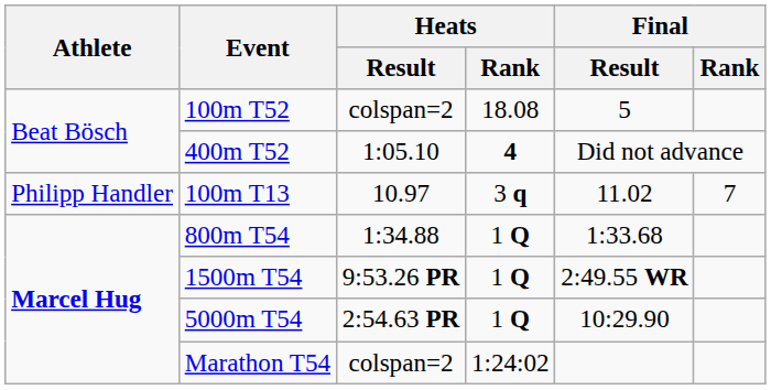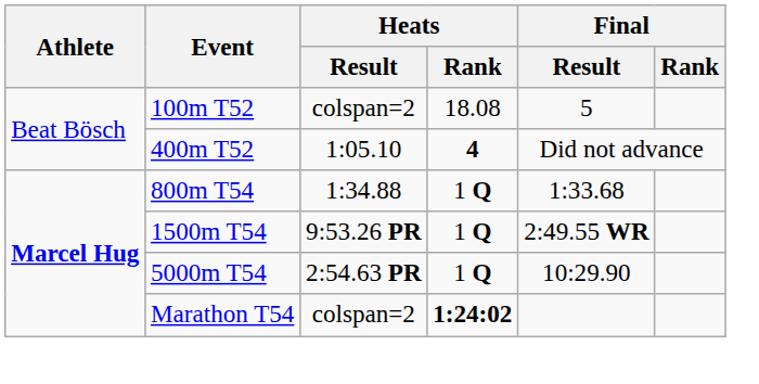 <table class=wikitable style="font-size:95%">
 <tr>
 <th rowspan="2">Athlete</th>
 <th rowspan="2">Event</th>
 <th colspan="2">Heats</th>
 <th colspan="2">Final</th>
 </tr>
 <tr>
 <th>Result</th>
 <th>Rank</th>
 <th>Result</th>
 <th>Rank</th>
 </tr>
 <tr align=center>
 <td align=left rowspan=2><a href='#'>Beat Bösch</a></td>
 <td align=left><a href='#'>100m T52</a></td>
 <td>colspan=2 </td>
 <td>18.08</td>
 <td>5</td>
 </tr>
 <tr align=center>
 <td align=left><a href='#'>400m T52</a></td>
 <td>1:05.10</td>
 <td><strong>4</strong></td>
 <td colspan=2>Did not advance</td>
 </tr>
 <tr align=center>
-<td align=left><a href='#'>Philipp Handler</a></td>
-<td align=left><a href='#'>100m T13</a></td>
-<td>10.97</td>
-<td>3 <strong>q</strong></td>
-<td>11.02</td>
-<td>7</td>
-</tr>
-<tr align=center>
 <td align=left rowspan=4><strong><a href='#'>Marcel Hug</a></strong></td>
 <td align=left><a href='#'>800m T54</a></td>
 <td>1:34.88</td>
 <td>1 <strong>Q</strong></td>
 <td>1:33.68</td>
 <td></td>
 </tr>
 <tr align=center>
 <td align=left><a href='#'>1500m T54</a></td>
 <td>9:53.26 <strong>PR</strong></td>
 <td>1 <strong>Q</strong></td>
 <td>2:49.55 <strong>WR</strong></td>
 <td></td>
 </tr>
 <tr align=center>
 <td align=left><a href='#'>5000m T54</a></td>
 <td>2:54.63 <strong>PR</strong></td>
 <td>1 <strong>Q</strong></td>
 <td>10:29.90</td>
 <td></td>
 </tr>
 <tr align=center>
 <td align=left><a href='#'>Marathon T54</a></td>
 <td>colspan=2 </td>
-<td>1:24:02</td>
+<td><strong>1:24:02</strong></td>
 <td></td>
 </tr>
 </table>
